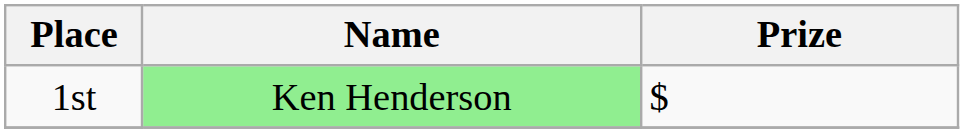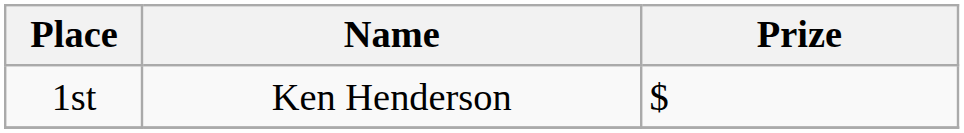 <table class="wikitable">
 <tr>
 <th width="50">Place</th>
 <th width="200">Name</th>
 <th width="125">Prize</th>
 </tr>
 <tr>
 <td align = "center">1st</td>
-<td align = "center" style="background: lightgreen;">Ken Henderson</td>
+<td align = "center">Ken Henderson</td>
 <td>$</td>
 </tr>
 <tr>
 </tr>
 </table>
